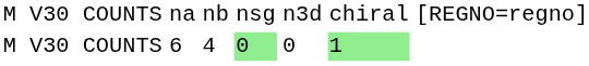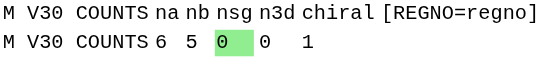 <table>
 <tr style="font-family:monospace;">
 <td>M V30 COUNTS</td>
 <td>na</td>
 <td>nb</td>
 <td>nsg</td>
 <td>n3d</td>
 <td>chiral</td>
 <td>[REGNO=regno]</td>
 </tr>
 <tr style="font-family:monospace;">
 <td>M V30 COUNTS</td>
 <td>6</td>
-<td>4</td>
+<td>5</td>
 <td style="background: lightgreen;">0</td>
 <td>0</td>
-<td style="background: lightgreen;">1</td>
+<td>1</td>
 <td></td>
 </tr>
 <tr>
 <td></td>
 <td></td>
 <td></td>
 <td></td>
 <td></td>
 <td></td>
 <td></td>
 </tr>
 </table>
